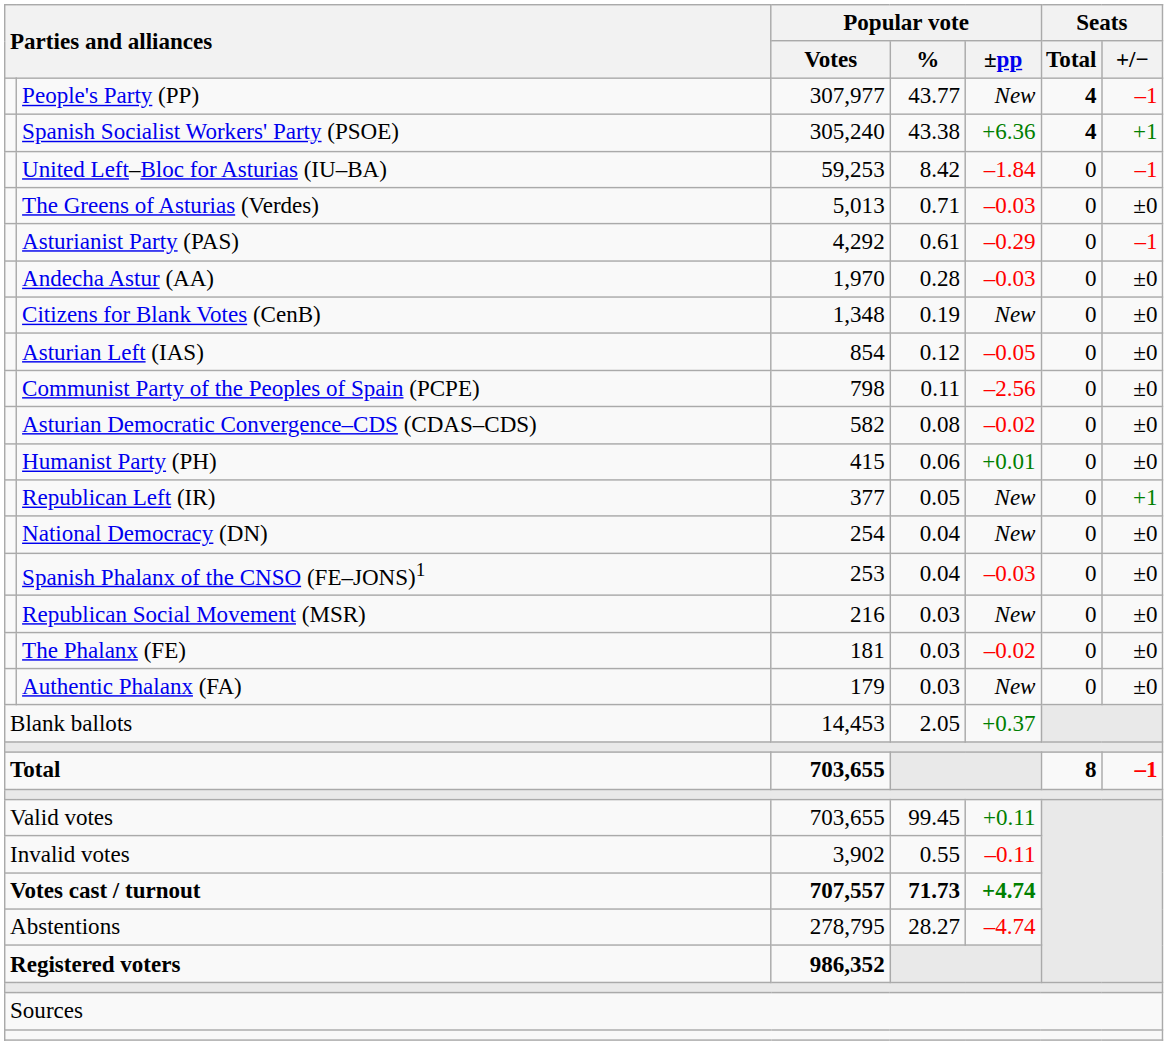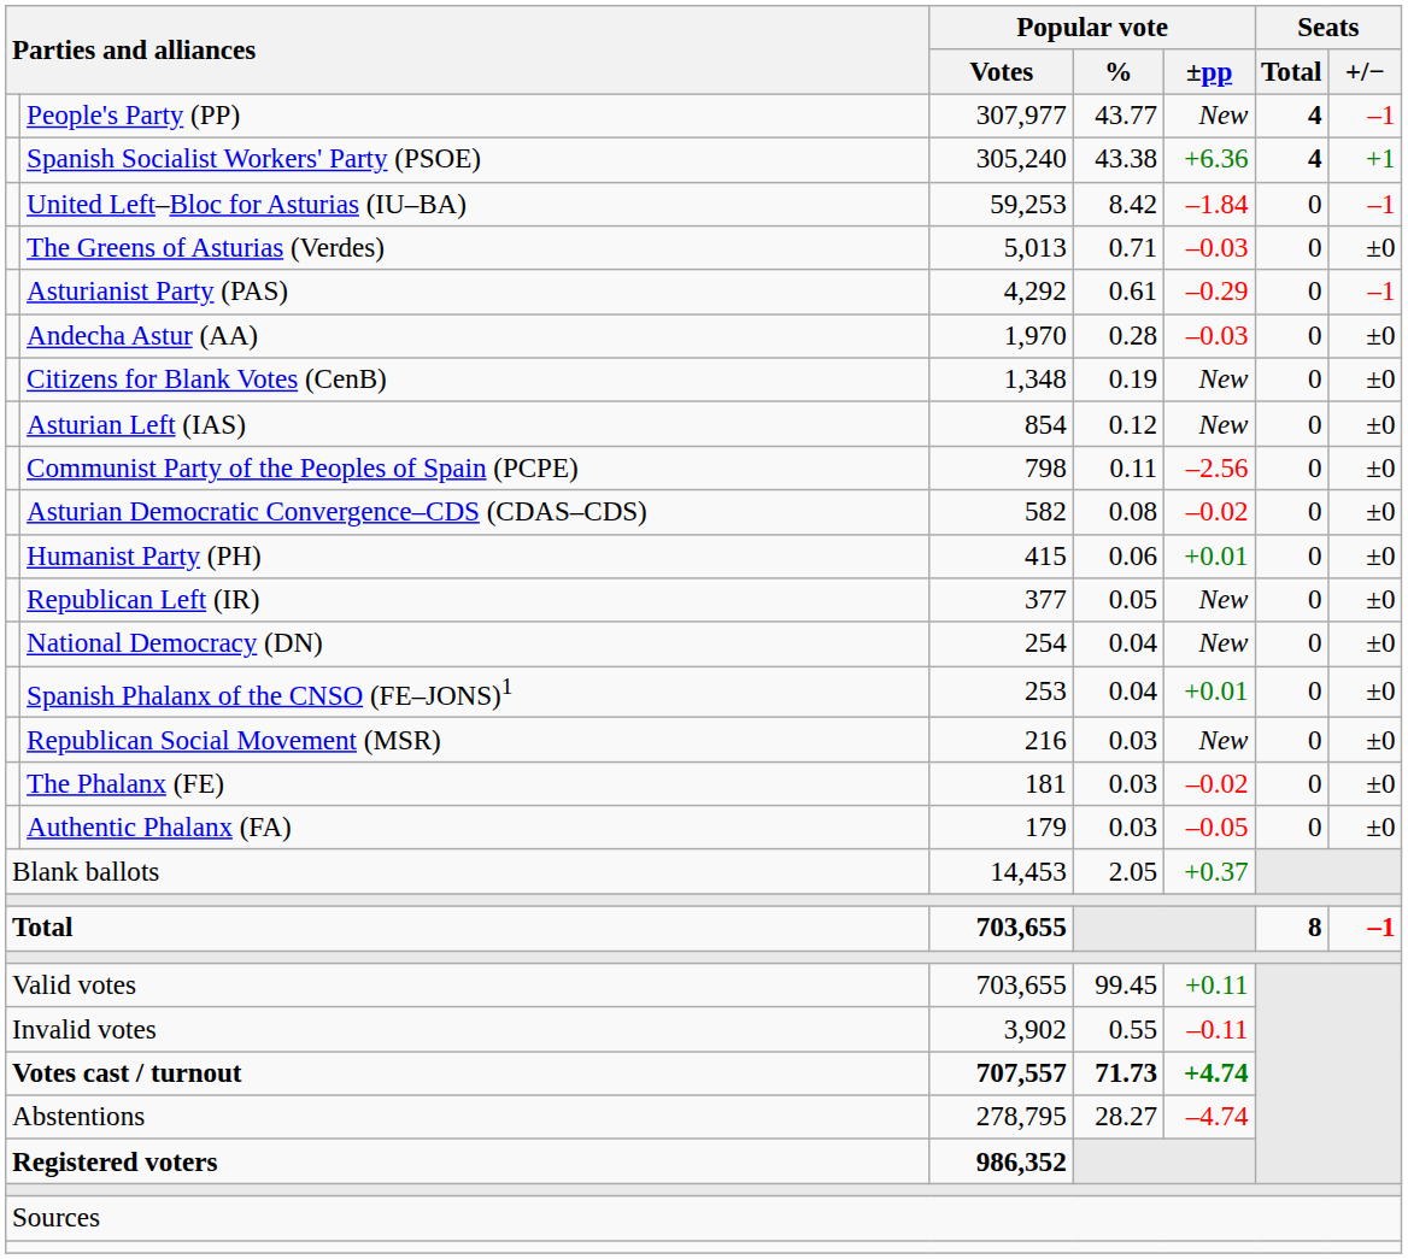 <table class="wikitable" style="text-align:right;">
 <tr>
 <th style="text-align:left;" rowspan="2" colspan="2" width="525">Parties and alliances</th>
 <th colspan="3">Popular vote</th>
 <th colspan="2">Seats</th>
 </tr>
 <tr>
 <th width="75">Votes</th>
 <th width="45">%</th>
 <th width="45">±<a href='#'>pp</a></th>
 <th width="35">Total</th>
 <th width="35">+/−</th>
 </tr>
 <tr>
 <td width="1" style="color:inherit;background:"></td>
 <td align="left"><a href='#'>People's Party</a> (PP)</td>
 <td>307,977</td>
 <td>43.77</td>
 <td><em>New</em></td>
 <td><strong>4</strong></td>
 <td style="color:red;">–1</td>
 </tr>
 <tr>
 <td style="color:inherit;background:"></td>
 <td align="left"><a href='#'>Spanish Socialist Workers' Party</a> (PSOE)</td>
 <td>305,240</td>
 <td>43.38</td>
 <td style="color:green;">+6.36</td>
 <td><strong>4</strong></td>
 <td style="color:green;">+1</td>
 </tr>
 <tr>
 <td style="color:inherit;background:"></td>
 <td align="left"><a href='#'>United Left</a>–<a href='#'>Bloc for Asturias</a> (IU–BA)</td>
 <td>59,253</td>
 <td>8.42</td>
 <td style="color:red;">–1.84</td>
 <td>0</td>
 <td style="color:red;">–1</td>
 </tr>
 <tr>
 <td style="color:inherit;background:"></td>
 <td align="left"><a href='#'>The Greens of Asturias</a> (Verdes)</td>
 <td>5,013</td>
 <td>0.71</td>
 <td style="color:red;">–0.03</td>
 <td>0</td>
 <td>±0</td>
 </tr>
 <tr>
 <td style="color:inherit;background:"></td>
 <td align="left"><a href='#'>Asturianist Party</a> (PAS)</td>
 <td>4,292</td>
 <td>0.61</td>
 <td style="color:red;">–0.29</td>
 <td>0</td>
 <td style="color:red;">–1</td>
 </tr>
 <tr>
 <td style="color:inherit;background:"></td>
 <td align="left"><a href='#'>Andecha Astur</a> (AA)</td>
 <td>1,970</td>
 <td>0.28</td>
 <td style="color:red;">–0.03</td>
 <td>0</td>
 <td>±0</td>
 </tr>
 <tr>
 <td style="color:inherit;background:"></td>
 <td align="left"><a href='#'>Citizens for Blank Votes</a> (CenB)</td>
 <td>1,348</td>
 <td>0.19</td>
 <td><em>New</em></td>
 <td>0</td>
 <td>±0</td>
 </tr>
 <tr>
 <td style="color:inherit;background:"></td>
 <td align="left"><a href='#'>Asturian Left</a> (IAS)</td>
 <td>854</td>
 <td>0.12</td>
-<td style="color:red;">–0.05</td>
+<td><em>New</em></td>
 <td>0</td>
 <td>±0</td>
 </tr>
 <tr>
 <td style="color:inherit;background:"></td>
 <td align="left"><a href='#'>Communist Party of the Peoples of Spain</a> (PCPE)</td>
 <td>798</td>
 <td>0.11</td>
 <td style="color:red;">–2.56</td>
 <td>0</td>
 <td>±0</td>
 </tr>
 <tr>
 <td style="color:inherit;background:"></td>
 <td align="left"><a href='#'>Asturian Democratic Convergence–CDS</a> (CDAS–CDS)</td>
 <td>582</td>
 <td>0.08</td>
 <td style="color:red;">–0.02</td>
 <td>0</td>
 <td>±0</td>
 </tr>
 <tr>
 <td style="color:inherit;background:"></td>
 <td align="left"><a href='#'>Humanist Party</a> (PH)</td>
 <td>415</td>
 <td>0.06</td>
 <td style="color:green;">+0.01</td>
 <td>0</td>
 <td>±0</td>
 </tr>
 <tr>
 <td style="color:inherit;background:"></td>
 <td align="left"><a href='#'>Republican Left</a> (IR)</td>
 <td>377</td>
 <td>0.05</td>
 <td><em>New</em></td>
 <td>0</td>
-<td style="color:green;">+1</td>
+<td>±0</td>
 </tr>
 <tr>
 <td style="color:inherit;background:"></td>
 <td align="left"><a href='#'>National Democracy</a> (DN)</td>
 <td>254</td>
 <td>0.04</td>
 <td><em>New</em></td>
 <td>0</td>
 <td>±0</td>
 </tr>
 <tr>
 <td style="color:inherit;background:"></td>
 <td align="left"><a href='#'>Spanish Phalanx of the CNSO</a> (FE–JONS)<sup>1</sup></td>
 <td>253</td>
 <td>0.04</td>
-<td style="color:red;">–0.03</td>
+<td style="color:green;">+0.01</td>
 <td>0</td>
 <td>±0</td>
 </tr>
 <tr>
 <td style="color:inherit;background:"></td>
 <td align="left"><a href='#'>Republican Social Movement</a> (MSR)</td>
 <td>216</td>
 <td>0.03</td>
 <td><em>New</em></td>
 <td>0</td>
 <td>±0</td>
 </tr>
 <tr>
 <td style="color:inherit;background:"></td>
 <td align="left"><a href='#'>The Phalanx</a> (FE)</td>
 <td>181</td>
 <td>0.03</td>
 <td style="color:red;">–0.02</td>
 <td>0</td>
 <td>±0</td>
 </tr>
 <tr>
 <td style="color:inherit;background:"></td>
 <td align="left"><a href='#'>Authentic Phalanx</a> (FA)</td>
 <td>179</td>
 <td>0.03</td>
-<td><em>New</em></td>
+<td style="color:red;">–0.05</td>
 <td>0</td>
 <td>±0</td>
 </tr>
 <tr>
 <td align="left" colspan="2">Blank ballots</td>
 <td>14,453</td>
 <td>2.05</td>
 <td style="color:green;">+0.37</td>
 <td bgcolor="#E9E9E9" colspan="2"></td>
 </tr>
 <tr>
 <td colspan="7" bgcolor="#E9E9E9"></td>
 </tr>
 <tr style="font-weight:bold;">
 <td align="left" colspan="2">Total</td>
 <td>703,655</td>
 <td bgcolor="#E9E9E9" colspan="2"></td>
 <td>8</td>
 <td style="color:red;">–1</td>
 </tr>
 <tr>
 <td colspan="7" bgcolor="#E9E9E9"></td>
 </tr>
 <tr>
 <td align="left" colspan="2">Valid votes</td>
 <td>703,655</td>
 <td>99.45</td>
 <td style="color:green;">+0.11</td>
 <td bgcolor="#E9E9E9" colspan="2" rowspan="5"></td>
 </tr>
 <tr>
 <td align="left" colspan="2">Invalid votes</td>
 <td>3,902</td>
 <td>0.55</td>
 <td style="color:red;">–0.11</td>
 </tr>
 <tr style="font-weight:bold;">
 <td align="left" colspan="2">Votes cast / turnout</td>
 <td>707,557</td>
 <td>71.73</td>
 <td style="color:green;">+4.74</td>
 </tr>
 <tr>
 <td align="left" colspan="2">Abstentions</td>
 <td>278,795</td>
 <td>28.27</td>
 <td style="color:red;">–4.74</td>
 </tr>
 <tr style="font-weight:bold;">
 <td align="left" colspan="2">Registered voters</td>
 <td>986,352</td>
 <td bgcolor="#E9E9E9" colspan="2"></td>
 </tr>
 <tr>
 <td colspan="7" bgcolor="#E9E9E9"></td>
 </tr>
 <tr>
 <td align="left" colspan="7">Sources</td>
 </tr>
 <tr>
 <td colspan="7" style="text-align:left; max-width:790px;"></td>
 </tr>
 </table>
